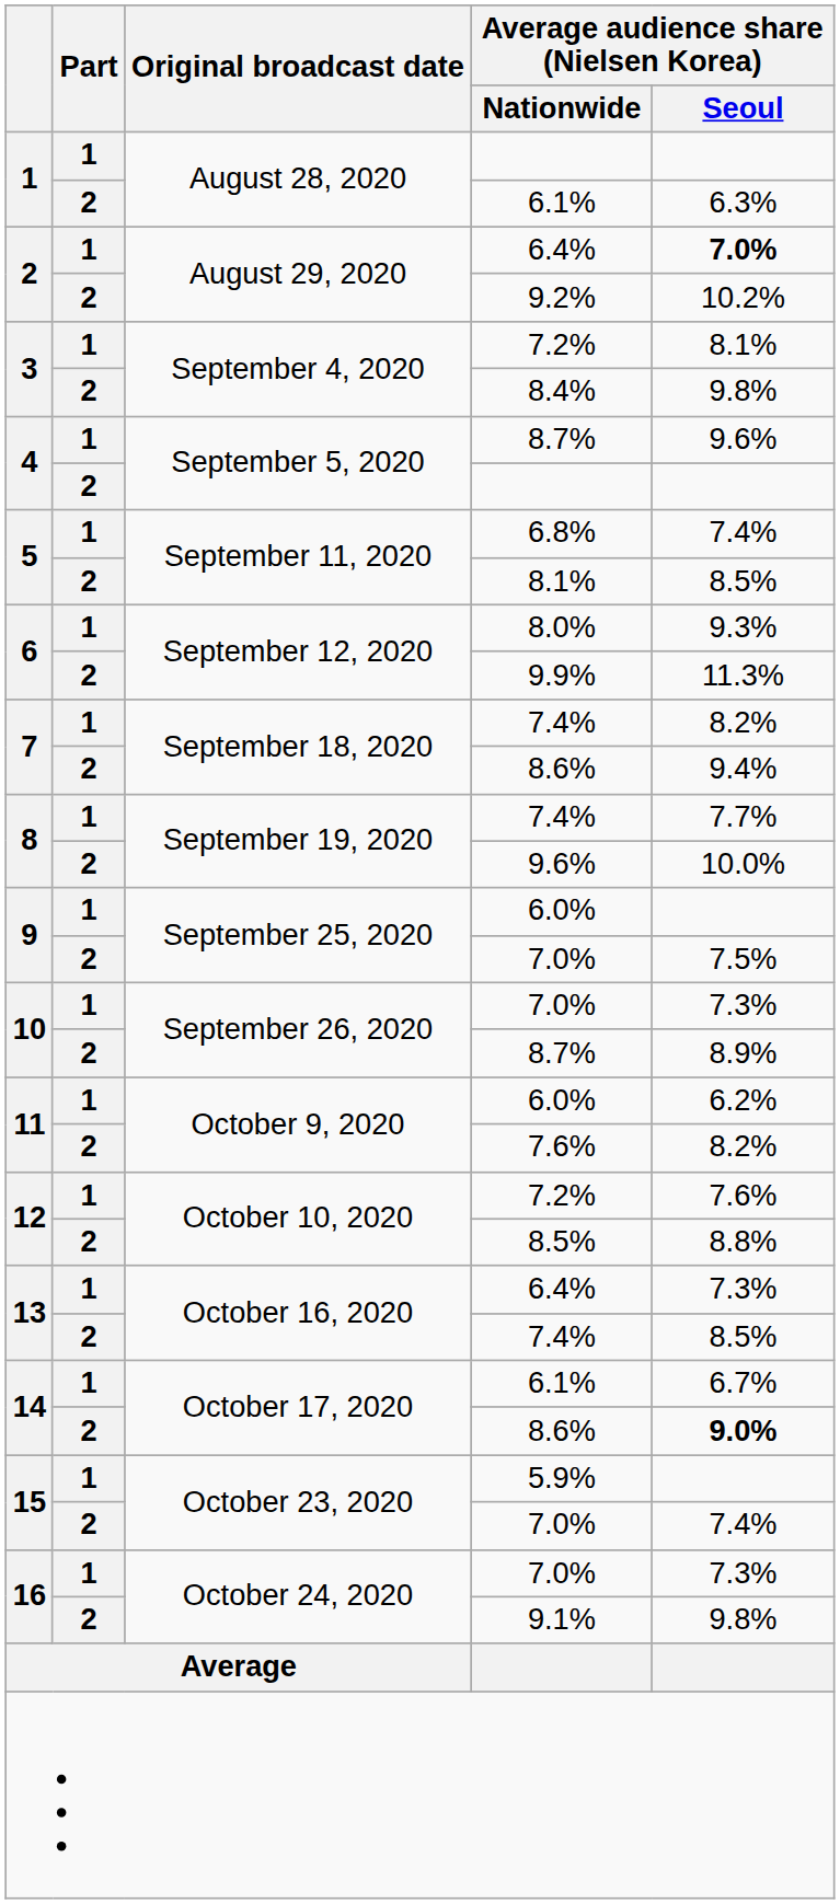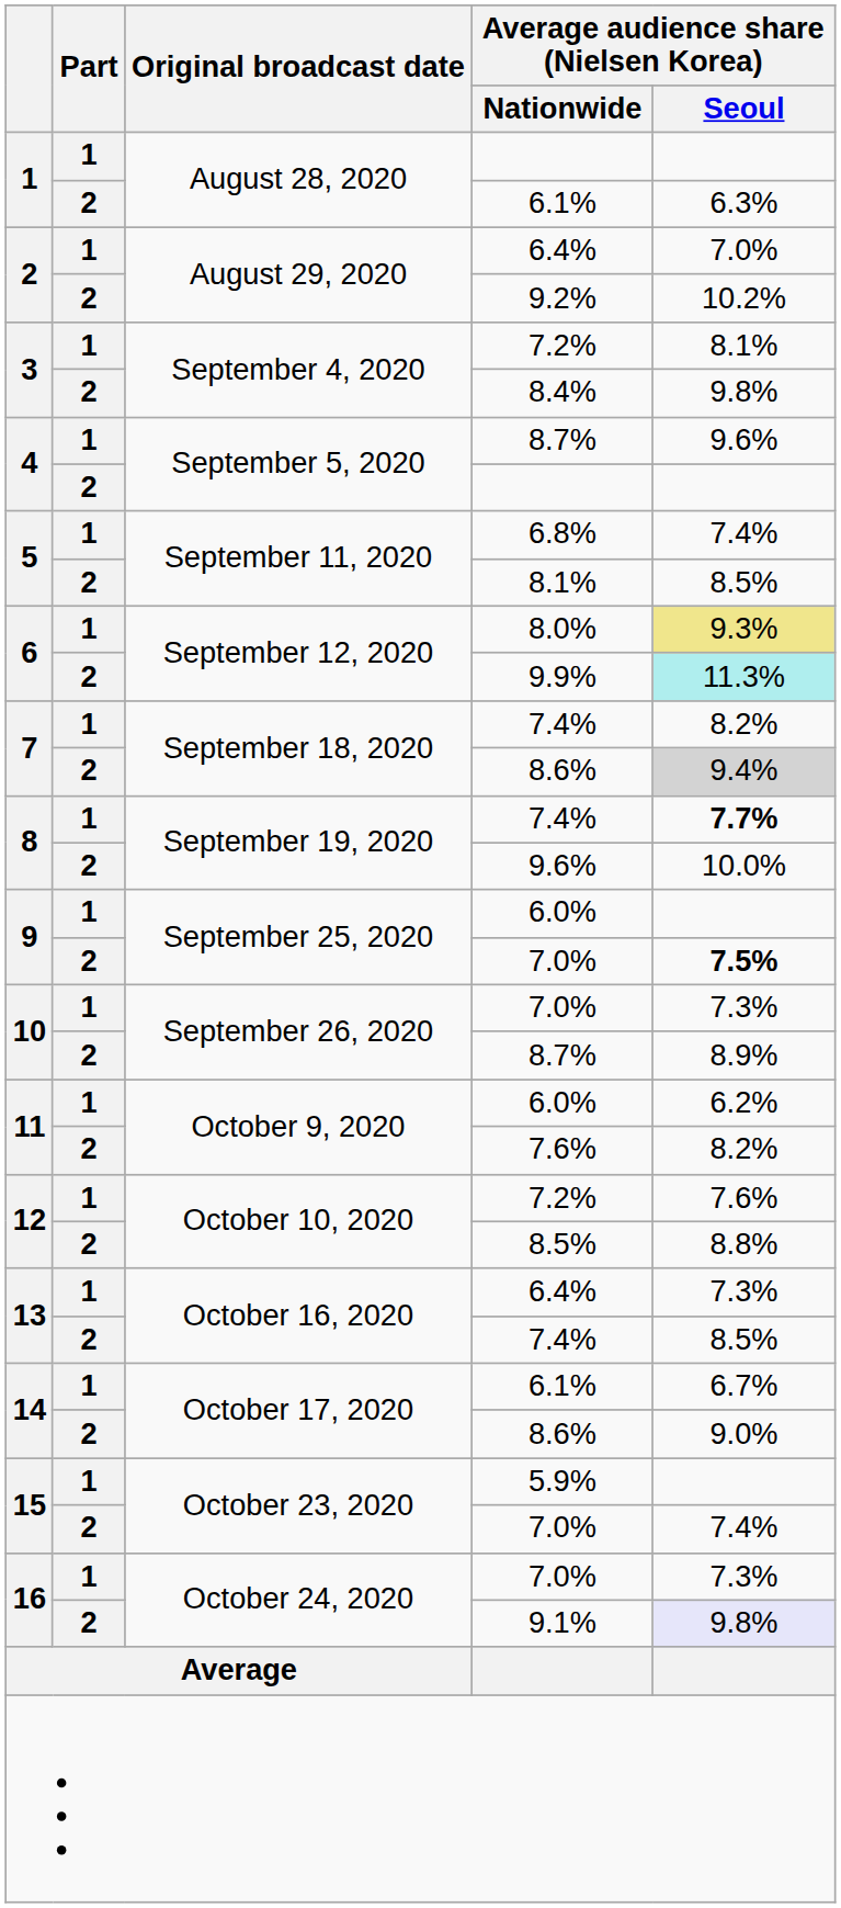 <table class="wikitable" style="text-align:center;max-width:500px; margin-left: auto; margin-right: auto; border: none;">
 <tr>
 </tr>
 <tr>
 <th rowspan="2"></th>
 <th rowspan="2">Part</th>
 <th rowspan="2">Original broadcast date</th>
 <th colspan="2">Average audience share<br>(Nielsen Korea)</th>
 </tr>
 <tr>
 <th width="90">Nationwide</th>
 <th width="90"><a href='#'>Seoul</a></th>
 </tr>
 <tr>
 <th rowspan="2">1</th>
 <th>1</th>
 <td rowspan="2">August 28, 2020</td>
 <td><strong></strong> </td>
 <td></td>
 </tr>
 <tr>
 <th>2</th>
 <td>6.1% </td>
 <td>6.3% </td>
 </tr>
 <tr>
 <th rowspan="2">2</th>
 <th>1</th>
 <td rowspan="2">August 29, 2020</td>
 <td>6.4% </td>
-<td><strong>7.0% </strong></td>
+<td>7.0% </td>
 </tr>
 <tr>
 <th>2</th>
 <td>9.2% </td>
 <td>10.2% </td>
 </tr>
 <tr>
 <th rowspan="2">3</th>
 <th>1</th>
 <td rowspan="2">September 4, 2020</td>
 <td>7.2% </td>
 <td>8.1% </td>
 </tr>
 <tr>
 <th>2</th>
 <td>8.4% </td>
 <td>9.8% </td>
 </tr>
 <tr>
 <th rowspan="2">4</th>
 <th>1</th>
 <td rowspan="2">September 5, 2020</td>
 <td>8.7% </td>
 <td>9.6% </td>
 </tr>
 <tr>
 <th>2</th>
 <td><strong></strong> </td>
 <td><strong></strong> </td>
 </tr>
 <tr>
 <th rowspan="2">5</th>
 <th>1</th>
 <td rowspan="2">September 11, 2020</td>
 <td>6.8% </td>
 <td>7.4% </td>
 </tr>
 <tr>
 <th>2</th>
 <td>8.1% </td>
 <td>8.5% </td>
 </tr>
 <tr>
 <th rowspan="2">6</th>
 <th>1</th>
 <td rowspan="2">September 12, 2020</td>
 <td>8.0% </td>
-<td>9.3% </td>
+<td style="background: khaki;">9.3% </td>
 </tr>
 <tr>
 <th>2</th>
 <td>9.9% </td>
-<td>11.3% </td>
+<td style="background: paleturquoise;">11.3% </td>
 </tr>
 <tr>
 <th rowspan="2">7</th>
 <th>1</th>
 <td rowspan="2">September 18, 2020</td>
 <td>7.4% </td>
 <td>8.2% </td>
 </tr>
 <tr>
 <th>2</th>
 <td>8.6% </td>
-<td>9.4% </td>
+<td style="background: lightgrey;">9.4% </td>
 </tr>
 <tr>
 <th rowspan="2">8</th>
 <th>1</th>
 <td rowspan="2">September 19, 2020</td>
 <td>7.4% </td>
-<td>7.7% </td>
+<td><strong>7.7% </strong></td>
 </tr>
 <tr>
 <th>2</th>
 <td>9.6% </td>
 <td>10.0% </td>
 </tr>
 <tr>
 <th rowspan="2">9</th>
 <th>1</th>
 <td rowspan="2">September 25, 2020</td>
 <td>6.0% </td>
 <td><strong></strong> </td>
 </tr>
 <tr>
 <th>2</th>
 <td>7.0% </td>
-<td>7.5% </td>
+<td><strong>7.5% </strong></td>
 </tr>
 <tr>
 <th rowspan="2">10</th>
 <th>1</th>
 <td rowspan="2">September 26, 2020</td>
 <td>7.0% </td>
 <td>7.3% </td>
 </tr>
 <tr>
 <th>2</th>
 <td>8.7% </td>
 <td>8.9% </td>
 </tr>
 <tr>
 <th rowspan="2">11</th>
 <th>1</th>
 <td rowspan="2">October 9, 2020</td>
 <td>6.0% </td>
 <td>6.2% </td>
 </tr>
 <tr>
 <th>2</th>
 <td>7.6% </td>
 <td>8.2% </td>
 </tr>
 <tr>
 <th rowspan="2">12</th>
 <th>1</th>
 <td rowspan="2">October 10, 2020</td>
 <td>7.2% </td>
 <td>7.6% </td>
 </tr>
 <tr>
 <th>2</th>
 <td>8.5% </td>
 <td>8.8% </td>
 </tr>
 <tr>
 <th rowspan="2">13</th>
 <th>1</th>
 <td rowspan="2">October 16, 2020</td>
 <td>6.4% </td>
 <td>7.3% </td>
 </tr>
 <tr>
 <th>2</th>
 <td>7.4% </td>
 <td>8.5% </td>
 </tr>
 <tr>
 <th rowspan="2">14</th>
 <th>1</th>
 <td rowspan="2">October 17, 2020</td>
 <td>6.1% </td>
 <td>6.7% </td>
 </tr>
 <tr>
 <th>2</th>
 <td>8.6% </td>
-<td><strong>9.0% </strong></td>
+<td>9.0% </td>
 </tr>
 <tr>
 <th rowspan="2">15</th>
 <th>1</th>
 <td rowspan="2">October 23, 2020</td>
 <td>5.9% </td>
 <td><strong></strong> </td>
 </tr>
 <tr>
 <th>2</th>
 <td>7.0% </td>
 <td>7.4% </td>
 </tr>
 <tr>
 <th rowspan="2">16</th>
 <th>1</th>
 <td rowspan="2">October 24, 2020</td>
 <td>7.0% </td>
 <td>7.3% </td>
 </tr>
 <tr>
 <th>2</th>
 <td>9.1% </td>
-<td>9.8% </td>
+<td style="background: lavender;">9.8% </td>
 </tr>
 <tr>
 <th colspan="3">Average</th>
 <th></th>
 <th></th>
 </tr>
 <tr>
 <td colspan="6"><br><ul><li></li><li></li><li></li></ul></td>
 </tr>
 </table>
